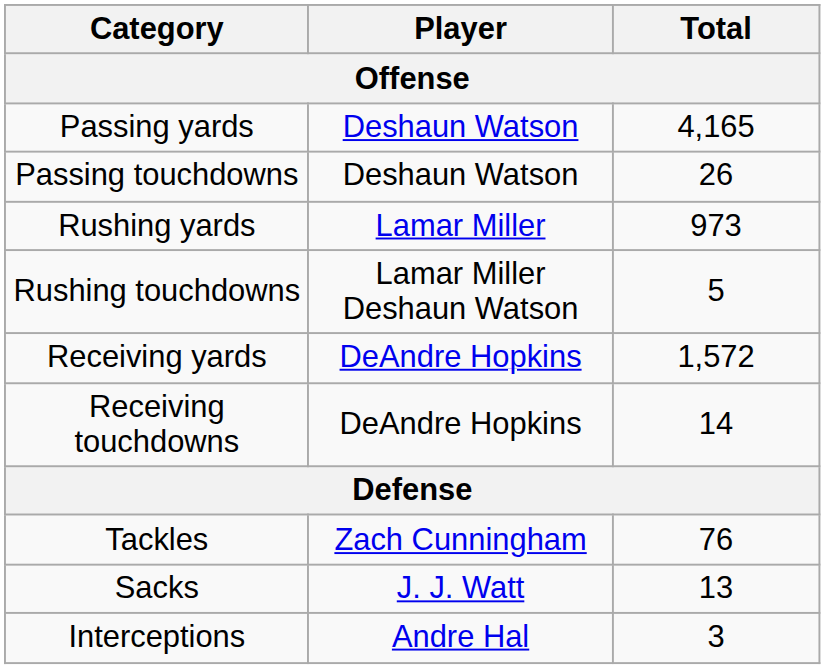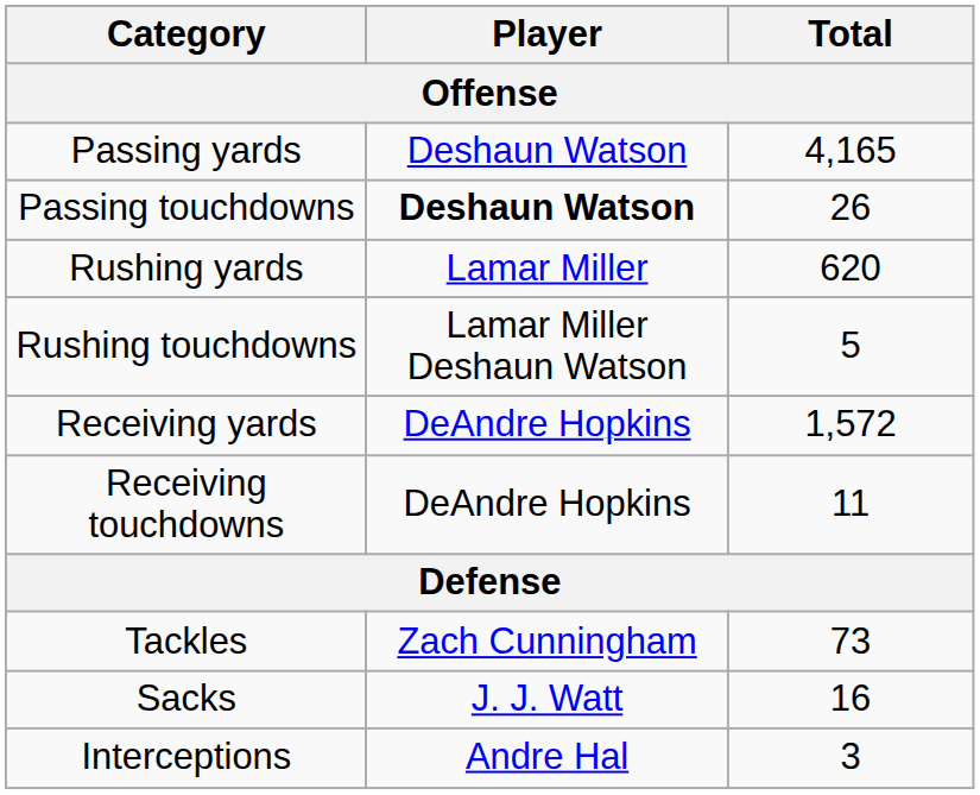 <table class="wikitable" style="text-align:center">
 <tr>
 <th width="150">Category</th>
 <th width="150">Player</th>
 <th width="100">Total</th>
 </tr>
 <tr>
 <th align="center" colspan="4">Offense</th>
 </tr>
 <tr>
 <td>Passing yards</td>
 <td><a href='#'>Deshaun Watson</a></td>
 <td>4,165</td>
 </tr>
 <tr>
 <td>Passing touchdowns</td>
-<td>Deshaun Watson</td>
+<td><strong>Deshaun Watson</strong></td>
 <td>26</td>
 </tr>
 <tr>
 <td>Rushing yards</td>
 <td><a href='#'>Lamar Miller</a></td>
-<td>973</td>
+<td>620</td>
 </tr>
 <tr>
 <td>Rushing touchdowns</td>
 <td>Lamar Miller<br>Deshaun Watson</td>
 <td>5</td>
 </tr>
 <tr>
 <td>Receiving yards</td>
 <td><a href='#'>DeAndre Hopkins</a></td>
 <td>1,572</td>
 </tr>
 <tr>
 <td>Receiving touchdowns</td>
 <td>DeAndre Hopkins</td>
-<td>14</td>
+<td>11</td>
 </tr>
 <tr>
 <th align="center" colspan="4">Defense</th>
 </tr>
 <tr>
 <td>Tackles </td>
 <td><a href='#'>Zach Cunningham</a></td>
-<td>76</td>
+<td>73</td>
 </tr>
 <tr>
 <td>Sacks</td>
 <td><a href='#'>J. J. Watt</a></td>
-<td>13</td>
+<td>16</td>
 </tr>
 <tr>
 <td>Interceptions</td>
 <td><a href='#'>Andre Hal</a></td>
 <td>3</td>
 </tr>
 </table>
